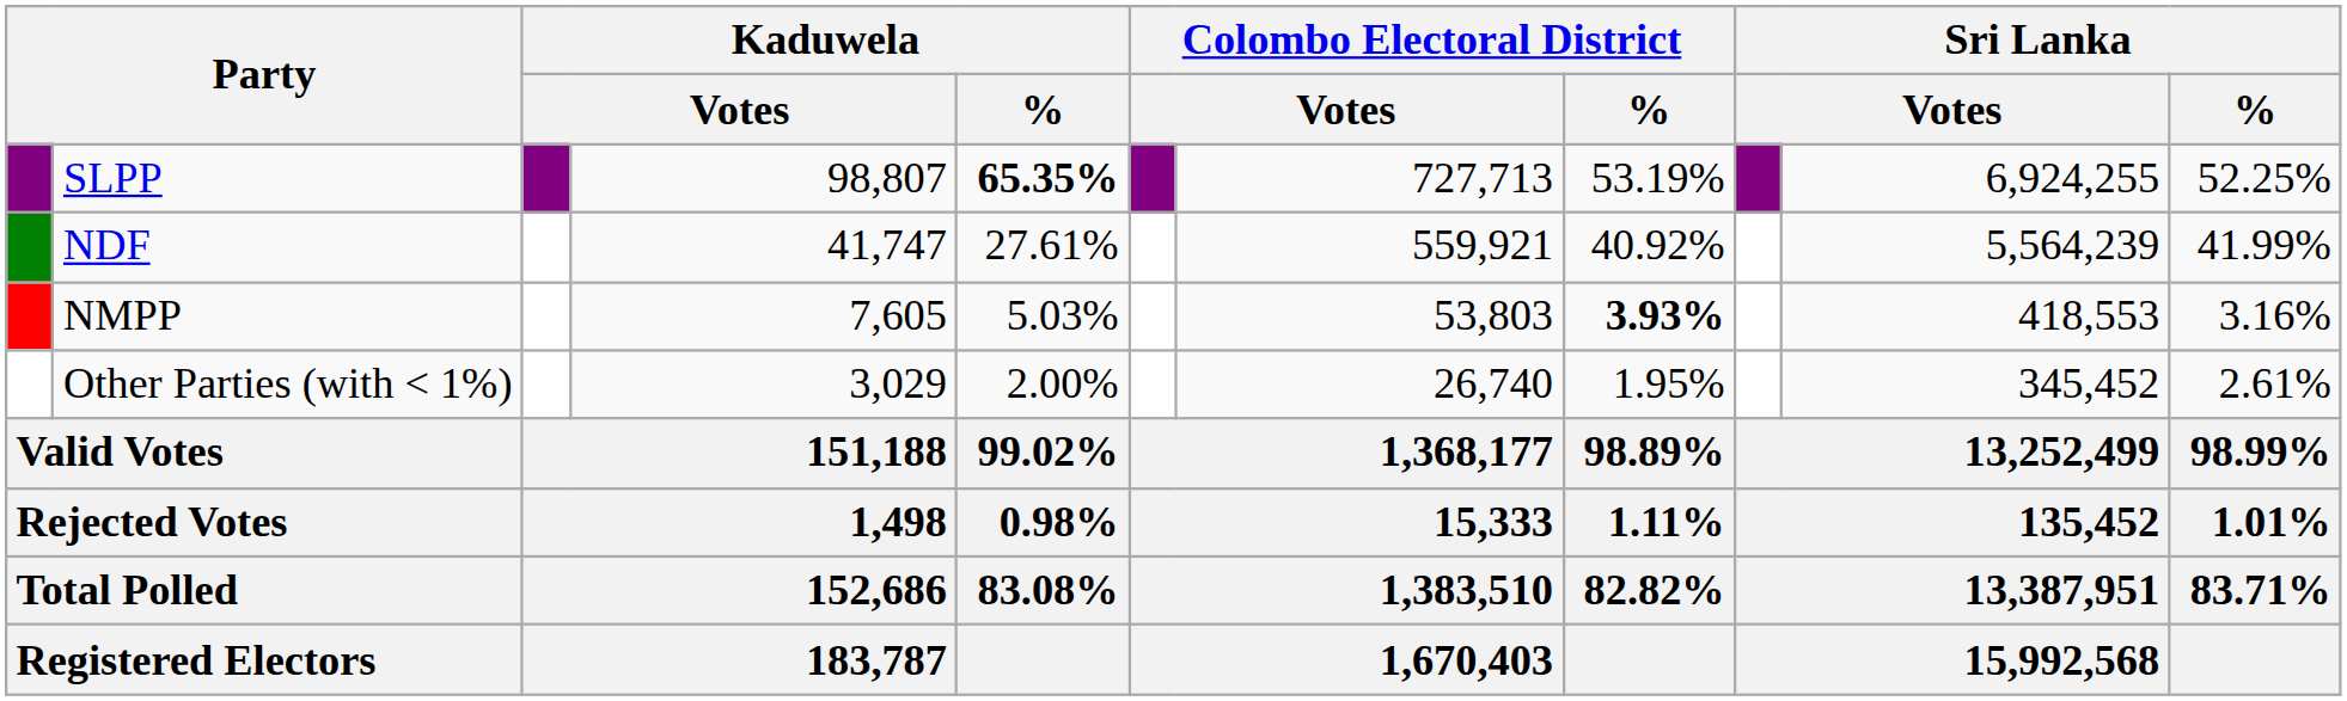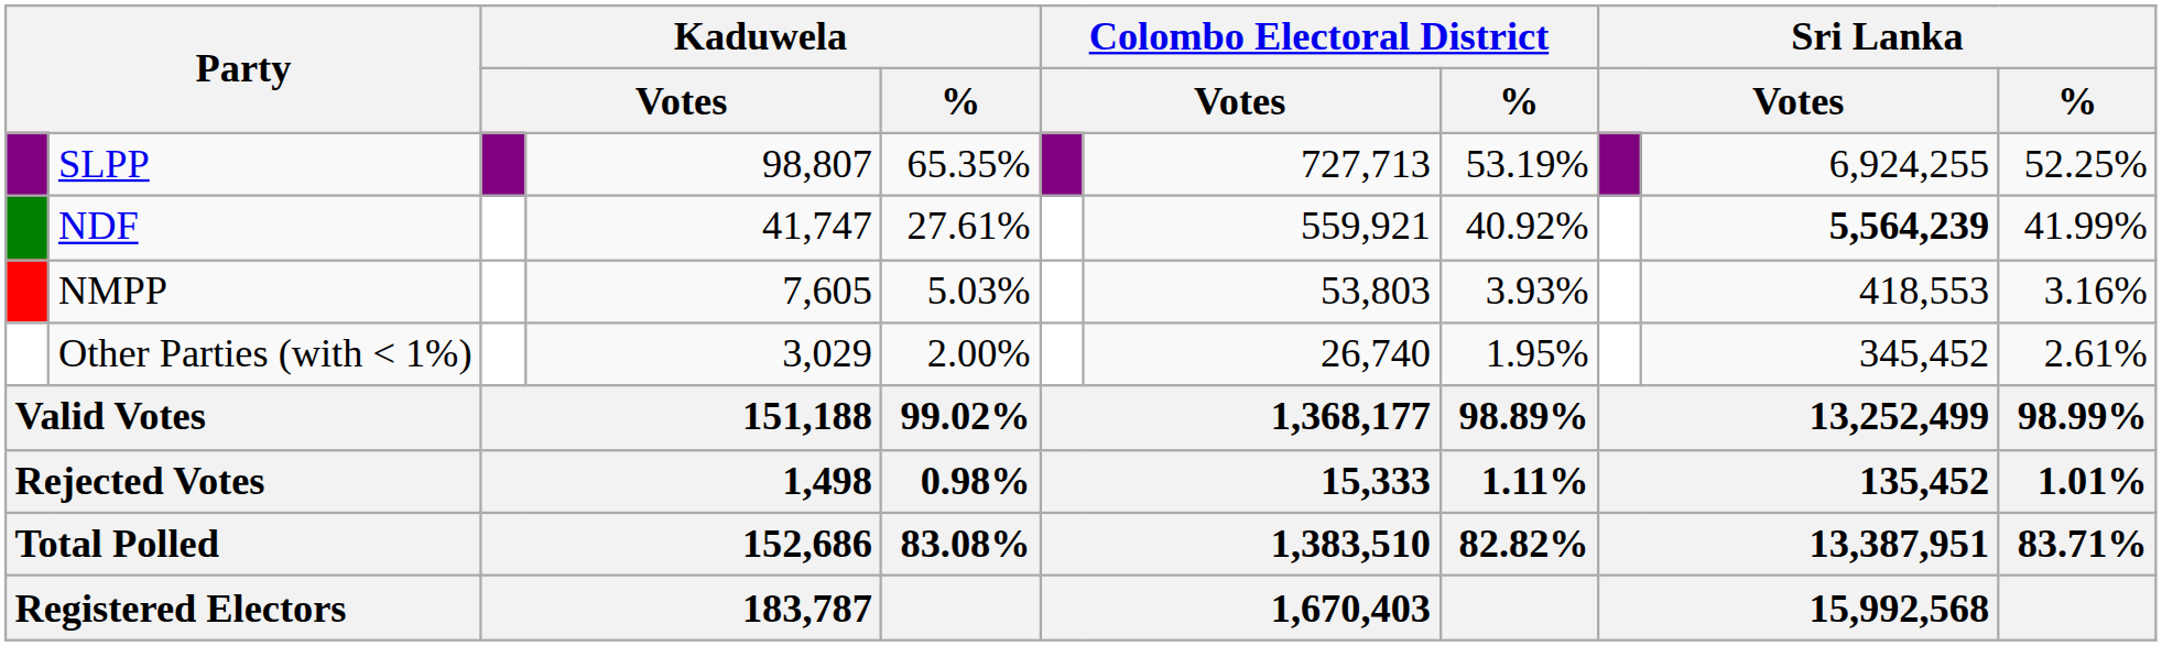 <table class="wikitable">
 <tr>
 <th colspan="2" width="144px"rowspan="2">Party</th>
 <th colspan="3" width="216px">Kaduwela</th>
 <th colspan="3" width="216px"><a href='#'>Colombo Electoral District</a></th>
 <th colspan="3" width="216px">Sri Lanka</th>
 </tr>
 <tr>
 <th colspan="2" width="144px">Votes</th>
 <th>%</th>
 <th colspan="2" width="144px">Votes</th>
 <th>%</th>
 <th colspan="2" width="144px">Votes</th>
 <th>%</th>
 </tr>
 <tr>
 <td style="background-color:purple;" width="10px"></td>
 <td style="text-align:left;"><a href='#'>SLPP</a></td>
 <td style="background-color:purple;" width="10px"></td>
 <td style="text-align:right;">98,807</td>
-<td style="text-align:right;"><strong>65.35%</strong></td>
+<td style="text-align:right;">65.35%</td>
 <td style="background-color:purple;" width="10px"></td>
 <td style="text-align:right;">727,713</td>
 <td style="text-align:right;">53.19%</td>
 <td style="background-color:purple;" width="10px"></td>
 <td style="text-align:right;">6,924,255</td>
 <td style="text-align:right;">52.25%</td>
 </tr>
 <tr>
 <td style="background-color:green;" width="10px"></td>
 <td style="text-align:left;"><a href='#'>NDF</a></td>
 <td style="background-color:white;" width="10px"></td>
 <td style="text-align:right;">41,747</td>
 <td style="text-align:right;">27.61%</td>
 <td style="background-color:white;" width="10px"></td>
 <td style="text-align:right;">559,921</td>
 <td style="text-align:right;">40.92%</td>
 <td style="background-color:white;" width="10px"></td>
-<td style="text-align:right;">5,564,239</td>
+<td style="text-align:right;"><strong>5,564,239</strong></td>
 <td style="text-align:right;">41.99%</td>
 </tr>
 <tr>
 <td style="background-color:red;" width="10px"></td>
 <td style="text-align:left;">NMPP</td>
 <td style="background-color:white;" width="10px"></td>
 <td style="text-align:right;">7,605</td>
 <td style="text-align:right;">5.03%</td>
 <td style="background-color:white;" width="10px"></td>
 <td style="text-align:right;">53,803</td>
-<td style="text-align:right;"><strong>3.93%</strong></td>
+<td style="text-align:right;">3.93%</td>
 <td style="background-color:white;" width="10px"></td>
 <td style="text-align:right;">418,553</td>
 <td style="text-align:right;">3.16%</td>
 </tr>
 <tr>
 <td style="background-color:white;" width="10px"></td>
 <td style="text-align:left;">Other Parties (with < 1%)</td>
 <td style="background-color:white;" width="10px"></td>
 <td style="text-align:right;">3,029</td>
 <td style="text-align:right;">2.00%</td>
 <td style="background-color:white;" width="10px"></td>
 <td style="text-align:right;">26,740</td>
 <td style="text-align:right;">1.95%</td>
 <td style="background-color:white;" width="10px"></td>
 <td style="text-align:right;">345,452</td>
 <td style="text-align:right;">2.61%</td>
 </tr>
 <tr>
 <th colspan="2" width="144px"style="text-align:left;">Valid Votes</th>
 <th style="text-align:right;"colspan="2" width="144px">151,188</th>
 <th style="text-align:right;">99.02%</th>
 <th style="text-align:right;"colspan="2" width="144px">1,368,177</th>
 <th style="text-align:right;">98.89%</th>
 <th style="text-align:right;"colspan="2" width="144px">13,252,499</th>
 <th style="text-align:right;">98.99%</th>
 </tr>
 <tr>
 <th colspan="2" width="144px"style="text-align:left;">Rejected Votes</th>
 <th style="text-align:right;"colspan="2" width="144px">1,498</th>
 <th style="text-align:right;">0.98%</th>
 <th style="text-align:right;"colspan="2" width="144px">15,333</th>
 <th style="text-align:right;">1.11%</th>
 <th style="text-align:right;"colspan="2" width="144px">135,452</th>
 <th style="text-align:right;">1.01%</th>
 </tr>
 <tr>
 <th colspan="2" width="144px"style="text-align:left;">Total Polled</th>
 <th style="text-align:right;"colspan="2" width="144px">152,686</th>
 <th style="text-align:right;">83.08%</th>
 <th style="text-align:right;"colspan="2" width="144px">1,383,510</th>
 <th style="text-align:right;">82.82%</th>
 <th style="text-align:right;"colspan="2" width="144px">13,387,951</th>
 <th style="text-align:right;">83.71%</th>
 </tr>
 <tr>
 <th colspan="2" width="144px"style="text-align:left;">Registered Electors</th>
 <th style="text-align:right;"colspan="2" width="144px">183,787</th>
 <th></th>
 <th style="text-align:right;"colspan="2" width="144px">1,670,403</th>
 <th></th>
 <th style="text-align:right;"colspan="2" width="144px">15,992,568</th>
 <th></th>
 </tr>
 </table>
